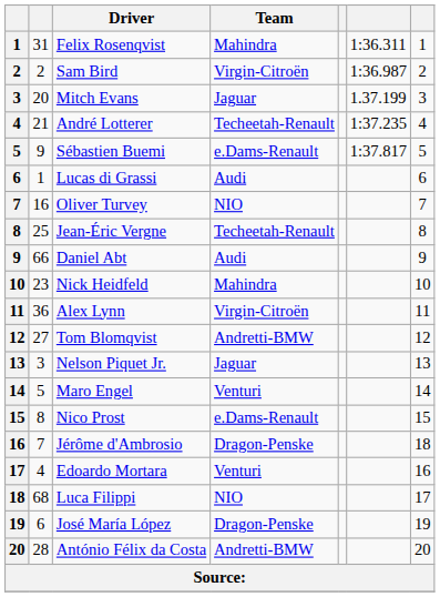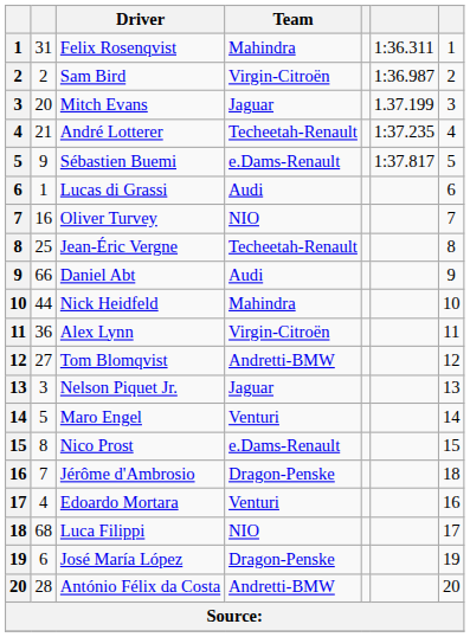 <table class="wikitable sortable" style="font-size: 85%">
 <tr>
 <th scope="col"></th>
 <th scope="col"></th>
 <th scope="col">Driver</th>
 <th scope="col">Team</th>
 <th scope="col"></th>
 <th scope="col"></th>
 <th scope="col"></th>
 </tr>
 <tr>
 <th scope="row">1</th>
 <td align="center">31</td>
 <td data-sort-value="ROS"> <a href='#'>Felix Rosenqvist</a></td>
 <td><a href='#'>Mahindra</a></td>
 <td></td>
 <td>1:36.311</td>
 <td align="center">1</td>
 </tr>
 <tr>
 <th scope="row">2</th>
 <td align="center">2</td>
 <td data-sort-value="BIR"> <a href='#'>Sam Bird</a></td>
 <td><a href='#'>Virgin-Citroën</a></td>
 <td></td>
 <td>1:36.987</td>
 <td align="center">2</td>
 </tr>
 <tr>
 <th scope="row">3</th>
 <td align="center">20</td>
 <td data-sort-value="EVA"> <a href='#'>Mitch Evans</a></td>
 <td><a href='#'>Jaguar</a></td>
 <td></td>
 <td>1.37.199</td>
 <td align="center">3</td>
 </tr>
 <tr>
 <th scope="row">4</th>
 <td align="center">21</td>
 <td data-sort-value="LOT"> <a href='#'>André Lotterer</a></td>
 <td><a href='#'>Techeetah-Renault</a></td>
 <td></td>
 <td>1:37.235</td>
 <td align="center">4</td>
 </tr>
 <tr>
 <th scope="row">5</th>
 <td align="center">9</td>
 <td data-sort-value="BUE"> <a href='#'>Sébastien Buemi</a></td>
 <td><a href='#'>e.Dams-Renault</a></td>
 <td></td>
 <td>1:37.817</td>
 <td align="center">5</td>
 </tr>
 <tr>
 <th scope="row">6</th>
 <td align="center">1</td>
 <td data-sort-value="DIG"> <a href='#'>Lucas di Grassi</a></td>
 <td><a href='#'>Audi</a></td>
 <td></td>
 <td></td>
 <td align="center">6</td>
 </tr>
 <tr>
 <th scope="row">7</th>
 <td align="center">16</td>
 <td data-sort-value="TUR"> <a href='#'>Oliver Turvey</a></td>
 <td><a href='#'>NIO</a></td>
 <td></td>
 <td></td>
 <td align="center">7</td>
 </tr>
 <tr>
 <th scope="row">8</th>
 <td align="center">25</td>
 <td data-sort-value="VER"> <a href='#'>Jean-Éric Vergne</a></td>
 <td><a href='#'>Techeetah-Renault</a></td>
 <td></td>
 <td></td>
 <td align="center">8</td>
 </tr>
 <tr>
 <th scope="row">9</th>
 <td align="center">66</td>
 <td data-sort-value="ABT"> <a href='#'>Daniel Abt</a></td>
 <td><a href='#'>Audi</a></td>
 <td></td>
 <td></td>
 <td align="center">9</td>
 </tr>
 <tr>
 <th scope="row">10</th>
-<td align="center">23</td>
+<td align="center">44</td>
 <td data-sort-value="HEI"> <a href='#'>Nick Heidfeld</a></td>
 <td><a href='#'>Mahindra</a></td>
 <td></td>
 <td></td>
 <td align="center">10</td>
 </tr>
 <tr>
 <th scope="row">11</th>
 <td align="center">36</td>
 <td data-sort-value="LYN"> <a href='#'>Alex Lynn</a></td>
 <td><a href='#'>Virgin-Citroën</a></td>
 <td></td>
 <td></td>
 <td align="center">11</td>
 </tr>
 <tr>
 <th scope="row">12</th>
 <td align="center">27</td>
 <td data-sort-value="BLO"> <a href='#'>Tom Blomqvist</a></td>
 <td><a href='#'>Andretti-BMW</a></td>
 <td></td>
 <td></td>
 <td align="center">12</td>
 </tr>
 <tr>
 <th scope="row">13</th>
 <td align="center">3</td>
 <td data-sort-value="PIQ"> <a href='#'>Nelson Piquet Jr.</a></td>
 <td><a href='#'>Jaguar</a></td>
 <td></td>
 <td></td>
 <td align="center">13</td>
 </tr>
 <tr>
 <th scope="row">14</th>
 <td align="center">5</td>
 <td data-sort-value="ENG"> <a href='#'>Maro Engel</a></td>
 <td><a href='#'>Venturi</a></td>
 <td></td>
 <td></td>
 <td align="center">14</td>
 </tr>
 <tr>
 <th scope="row">15</th>
 <td align="center">8</td>
 <td data-sort-value="PRO"> <a href='#'>Nico Prost</a></td>
 <td><a href='#'>e.Dams-Renault</a></td>
 <td></td>
 <td></td>
 <td align="center">15</td>
 </tr>
 <tr>
 <th scope="row">16</th>
 <td align="center">7</td>
 <td data-sort-value="DAM"> <a href='#'>Jérôme d'Ambrosio</a></td>
 <td><a href='#'>Dragon-Penske</a></td>
 <td></td>
 <td></td>
 <td align="center">18</td>
 </tr>
 <tr>
 <th scope="row">17</th>
 <td align="center">4</td>
 <td data-sort-value="MOR"> <a href='#'>Edoardo Mortara</a></td>
 <td><a href='#'>Venturi</a></td>
 <td></td>
 <td></td>
 <td align="center">16</td>
 </tr>
 <tr>
 <th scope="row">18</th>
 <td align="center">68</td>
 <td data-sort-value="FIL"> <a href='#'>Luca Filippi</a></td>
 <td><a href='#'>NIO</a></td>
 <td></td>
 <td></td>
 <td align="center">17</td>
 </tr>
 <tr>
 <th scope="row">19</th>
 <td align="center">6</td>
 <td data-sort-value="LOP"> <a href='#'>José María López</a></td>
 <td><a href='#'>Dragon-Penske</a></td>
 <td></td>
 <td></td>
 <td align="center">19</td>
 </tr>
 <tr>
 <th scope="row">20</th>
 <td align="center">28</td>
 <td data-sort-value="FDC"> <a href='#'>António Félix da Costa</a></td>
 <td><a href='#'>Andretti-BMW</a></td>
 <td></td>
 <td></td>
 <td align="center">20</td>
 </tr>
 <tr>
 <th colspan="7">Source:</th>
 </tr>
 <tr>
 </tr>
 </table>
